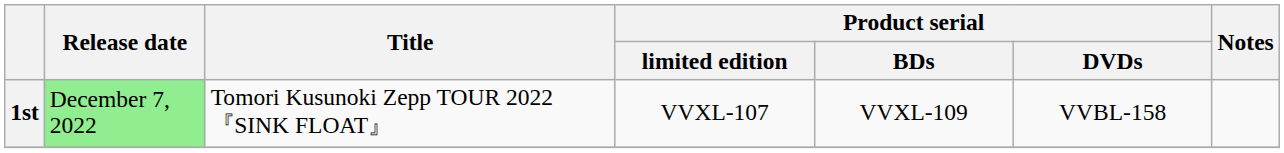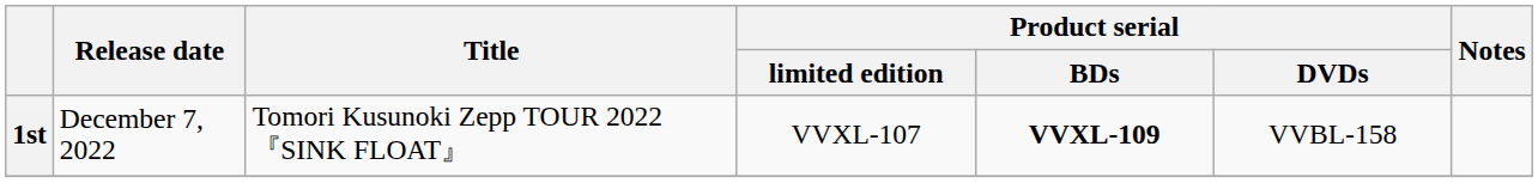 <table class="wikitable">
 <tr>
 <th rowspan="2"></th>
 <th rowspan="2">Release date</th>
 <th rowspan="2">Title</th>
 <th colspan= "3">Product serial</th>
 <th rowspan="2">Notes</th>
 </tr>
 <tr>
 <th style="width:8em;">limited edition</th>
 <th style="width:8em;">BDs</th>
 <th style="width:8em;">DVDs</th>
 </tr>
 <tr>
 <th scope="row">1st</th>
-<td style="background: lightgreen;">December 7, 2022</td>
+<td>December 7, 2022</td>
 <td>Tomori Kusunoki Zepp TOUR 2022 『SINK FLOAT』</td>
 <td style="width:8em;" align="center">VVXL-107</td>
-<td style="width:8em;" align="center">VVXL-109</td>
+<td style="width:8em;" align="center"><strong>VVXL-109</strong></td>
 <td style="width:8em;" align="center">VVBL-158</td>
 <td></td>
 </tr>
 <tr>
 </tr>
 </table>
